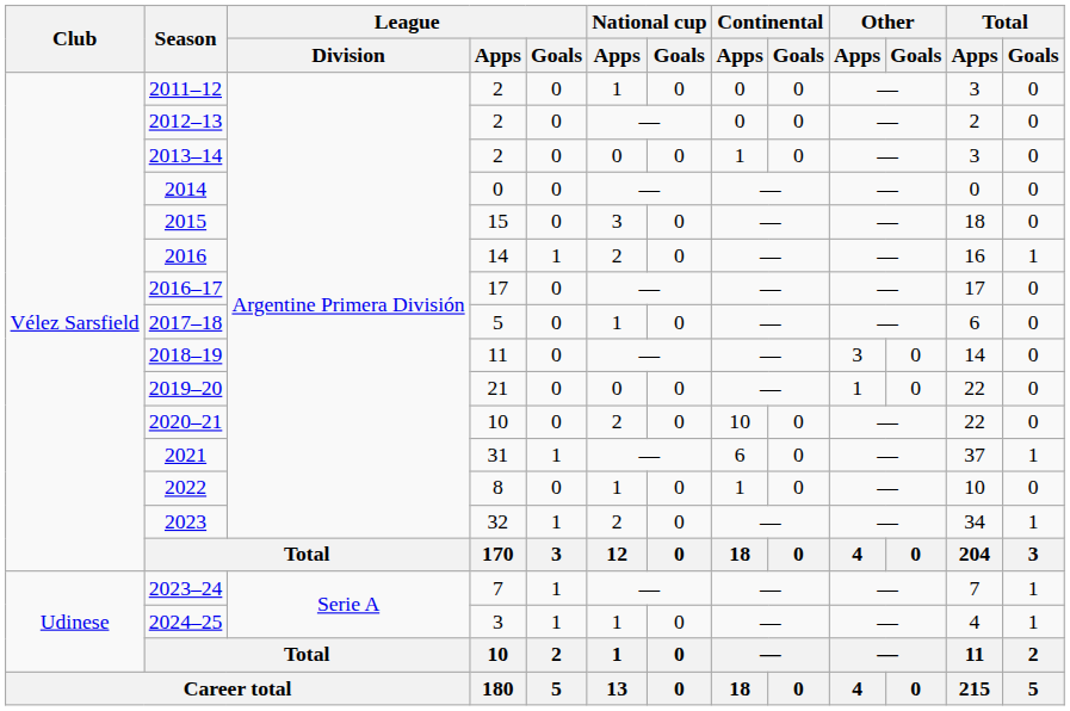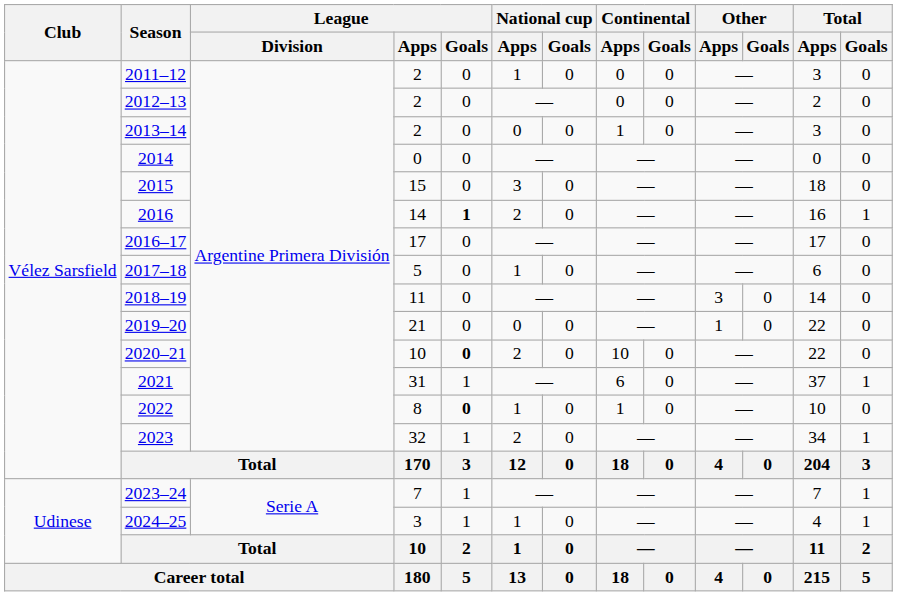 <table class="wikitable" style="text-align:center">
 <tr>
 <th rowspan="2">Club</th>
 <th rowspan="2">Season</th>
 <th colspan="3">League</th>
 <th colspan="2">National cup</th>
 <th colspan="2">Continental</th>
 <th colspan="2">Other</th>
 <th colspan="2">Total</th>
 </tr>
 <tr>
 <th>Division</th>
 <th>Apps</th>
 <th>Goals</th>
 <th>Apps</th>
 <th>Goals</th>
 <th>Apps</th>
 <th>Goals</th>
 <th>Apps</th>
 <th>Goals</th>
 <th>Apps</th>
 <th>Goals</th>
 </tr>
 <tr>
 <td rowspan="15"><a href='#'>Vélez Sarsfield</a></td>
 <td><a href='#'>2011–12</a></td>
 <td rowspan="14"><a href='#'>Argentine Primera División</a></td>
 <td>2</td>
 <td>0</td>
 <td>1</td>
 <td>0</td>
 <td>0</td>
 <td>0</td>
 <td colspan="2">—</td>
 <td>3</td>
 <td>0</td>
 </tr>
 <tr>
 <td><a href='#'>2012–13</a></td>
 <td>2</td>
 <td>0</td>
 <td colspan="2">—</td>
 <td>0</td>
 <td>0</td>
 <td colspan="2">—</td>
 <td>2</td>
 <td>0</td>
 </tr>
 <tr>
 <td><a href='#'>2013–14</a></td>
 <td>2</td>
 <td>0</td>
 <td>0</td>
 <td>0</td>
 <td>1</td>
 <td>0</td>
 <td colspan="2">—</td>
 <td>3</td>
 <td>0</td>
 </tr>
 <tr>
 <td><a href='#'>2014</a></td>
 <td>0</td>
 <td>0</td>
 <td colspan="2">—</td>
 <td colspan="2">—</td>
 <td colspan="2">—</td>
 <td>0</td>
 <td>0</td>
 </tr>
 <tr>
 <td><a href='#'>2015</a></td>
 <td>15</td>
 <td>0</td>
 <td>3</td>
 <td>0</td>
 <td colspan="2">—</td>
 <td colspan="2">—</td>
 <td>18</td>
 <td>0</td>
 </tr>
 <tr>
 <td><a href='#'>2016</a></td>
 <td>14</td>
-<td>1</td>
+<td><strong>1</strong></td>
 <td>2</td>
 <td>0</td>
 <td colspan="2">—</td>
 <td colspan="2">—</td>
 <td>16</td>
 <td>1</td>
 </tr>
 <tr>
 <td><a href='#'>2016–17</a></td>
 <td>17</td>
 <td>0</td>
 <td colspan="2">—</td>
 <td colspan="2">—</td>
 <td colspan="2">—</td>
 <td>17</td>
 <td>0</td>
 </tr>
 <tr>
 <td><a href='#'>2017–18</a></td>
 <td>5</td>
 <td>0</td>
 <td>1</td>
 <td>0</td>
 <td colspan="2">—</td>
 <td colspan="2">—</td>
 <td>6</td>
 <td>0</td>
 </tr>
 <tr>
 <td><a href='#'>2018–19</a></td>
 <td>11</td>
 <td>0</td>
 <td colspan="2">—</td>
 <td colspan="2">—</td>
 <td>3</td>
 <td>0</td>
 <td>14</td>
 <td>0</td>
 </tr>
 <tr>
 <td><a href='#'>2019–20</a></td>
 <td>21</td>
 <td>0</td>
 <td>0</td>
 <td>0</td>
 <td colspan="2">—</td>
 <td>1</td>
 <td>0</td>
 <td>22</td>
 <td>0</td>
 </tr>
 <tr>
 <td><a href='#'>2020–21</a></td>
 <td>10</td>
-<td>0</td>
+<td><strong>0</strong></td>
 <td>2</td>
 <td>0</td>
 <td>10</td>
 <td>0</td>
 <td colspan="2">—</td>
 <td>22</td>
 <td>0</td>
 </tr>
 <tr>
 <td><a href='#'>2021</a></td>
 <td>31</td>
 <td>1</td>
 <td colspan="2">—</td>
 <td>6</td>
 <td>0</td>
 <td colspan="2">—</td>
 <td>37</td>
 <td>1</td>
 </tr>
 <tr>
 <td><a href='#'>2022</a></td>
 <td>8</td>
-<td>0</td>
+<td><strong>0</strong></td>
 <td>1</td>
 <td>0</td>
 <td>1</td>
 <td>0</td>
 <td colspan="2">—</td>
 <td>10</td>
 <td>0</td>
 </tr>
 <tr>
 <td><a href='#'>2023</a></td>
 <td>32</td>
 <td>1</td>
 <td>2</td>
 <td>0</td>
 <td colspan="2">—</td>
 <td colspan="2">—</td>
 <td>34</td>
 <td>1</td>
 </tr>
 <tr>
 <th colspan="2">Total</th>
 <th>170</th>
 <th>3</th>
 <th>12</th>
 <th>0</th>
 <th>18</th>
 <th>0</th>
 <th>4</th>
 <th>0</th>
 <th>204</th>
 <th>3</th>
 </tr>
 <tr>
 <td rowspan="3"><a href='#'>Udinese</a></td>
 <td><a href='#'>2023–24</a></td>
 <td rowspan="2"><a href='#'>Serie A</a></td>
 <td>7</td>
 <td>1</td>
 <td colspan="2">—</td>
 <td colspan="2">—</td>
 <td colspan="2">—</td>
 <td>7</td>
 <td>1</td>
 </tr>
 <tr>
 <td><a href='#'>2024–25</a></td>
 <td>3</td>
 <td>1</td>
 <td>1</td>
 <td>0</td>
 <td colspan="2">—</td>
 <td colspan="2">—</td>
 <td>4</td>
 <td>1</td>
 </tr>
 <tr>
 <th colspan="2">Total</th>
 <th>10</th>
 <th>2</th>
 <th>1</th>
 <th>0</th>
 <th colspan="2">—</th>
 <th colspan="2">—</th>
 <th>11</th>
 <th>2</th>
 </tr>
 <tr>
 <th colspan="3">Career total</th>
 <th>180</th>
 <th>5</th>
 <th>13</th>
 <th>0</th>
 <th>18</th>
 <th>0</th>
 <th>4</th>
 <th>0</th>
 <th>215</th>
 <th>5</th>
 </tr>
 </table>
